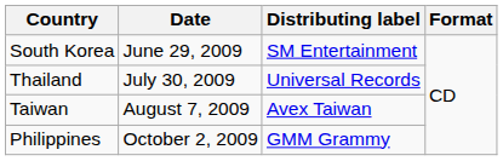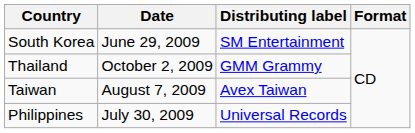 <table class="wikitable">
 <tr>
 <th>Country</th>
 <th>Date</th>
 <th>Distributing label</th>
 <th>Format</th>
 </tr>
 <tr>
 <td>South Korea</td>
 <td>June 29, 2009</td>
 <td><a href='#'>SM Entertainment</a></td>
 <td rowspan="4">CD</td>
 </tr>
 <tr>
 <td>Thailand</td>
-<td>July 30, 2009</td>
-<td><a href='#'>Universal Records</a></td>
+<td>October 2, 2009</td>
+<td><a href='#'>GMM Grammy</a></td>
 </tr>
 <tr>
 <td>Taiwan</td>
 <td>August 7, 2009</td>
 <td><a href='#'>Avex Taiwan</a></td>
 </tr>
 <tr>
 <td>Philippines</td>
-<td>October 2, 2009</td>
-<td><a href='#'>GMM Grammy</a></td>
+<td>July 30, 2009</td>
+<td><a href='#'>Universal Records</a></td>
 </tr>
 </table>
